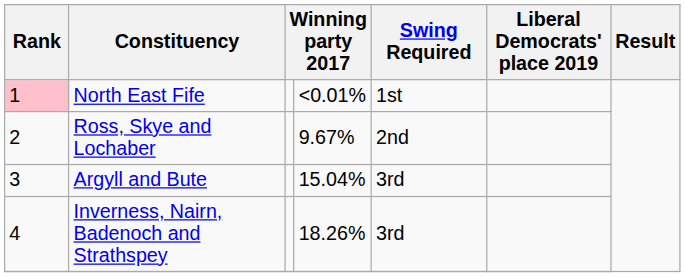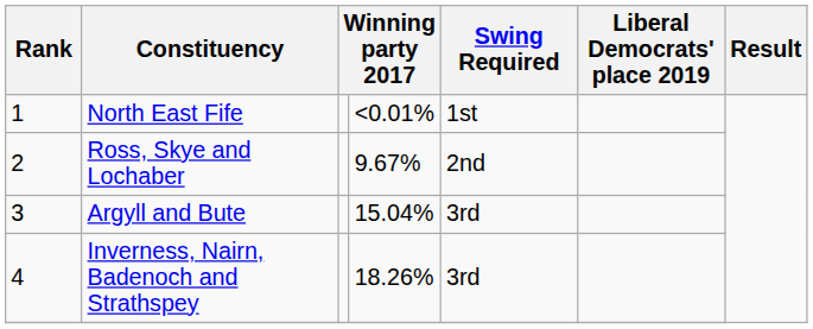 <table class="wikitable" style="width:550px">
 <tr>
 <th style="width:50px;">Rank</th>
 <th style="width:225px;">Constituency</th>
 <th colspan="2" style="width:175px;">Winning party 2017</th>
 <th style="width:100px;"><a href='#'>Swing</a> Required</th>
 <th style="width:100px;">Liberal Democrats' place 2019</th>
 <th colspan="2" style="width:100px;">Result</th>
 </tr>
 <tr>
-<td style="background: pink;">1</td>
+<td>1</td>
 <td><a href='#'>North East Fife</a></td>
 <td></td>
 <td><0.01%</td>
 <td>1st</td>
 <td></td>
 </tr>
 <tr>
 <td>2</td>
 <td><a href='#'>Ross, Skye and Lochaber</a></td>
 <td></td>
 <td>9.67%</td>
 <td>2nd</td>
 <td></td>
 </tr>
 <tr>
 <td>3</td>
 <td><a href='#'>Argyll and Bute</a></td>
 <td></td>
 <td>15.04%</td>
 <td>3rd</td>
 <td></td>
 </tr>
 <tr>
 <td>4</td>
 <td><a href='#'>Inverness, Nairn, Badenoch and Strathspey</a></td>
 <td></td>
 <td>18.26%</td>
 <td>3rd</td>
 <td></td>
 </tr>
 <tr>
 </tr>
 </table>
